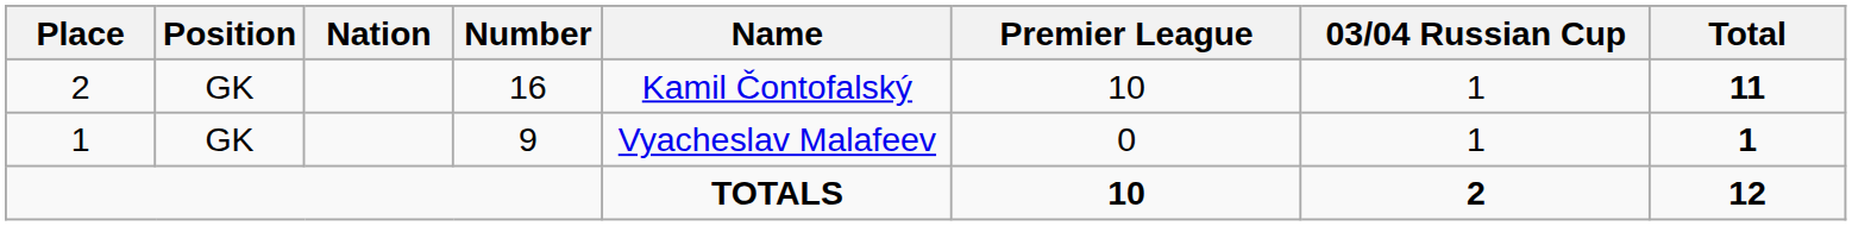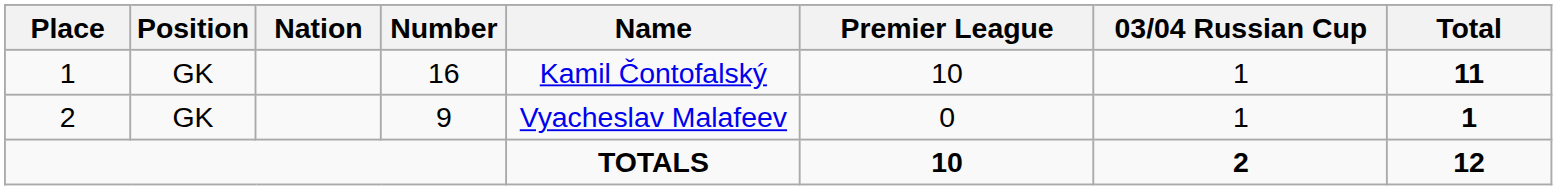 <table class="wikitable" style="font-size: 95%; text-align: center;">
 <tr>
 <th width=60>Place</th>
 <th width=60>Position</th>
 <th width=60>Nation</th>
 <th width=60>Number</th>
 <th width=150>Name</th>
 <th width=150>Premier League</th>
 <th width=150>03/04 Russian Cup</th>
 <th width=80><strong>Total</strong></th>
 </tr>
 <tr>
-<td>2</td>
+<td>1</td>
 <td>GK</td>
 <td></td>
 <td>16</td>
 <td><a href='#'>Kamil Čontofalský</a></td>
 <td>10</td>
 <td>1</td>
 <td><strong>11</strong></td>
 </tr>
 <tr>
-<td>1</td>
+<td>2</td>
 <td>GK</td>
 <td></td>
 <td>9</td>
 <td><a href='#'>Vyacheslav Malafeev</a></td>
 <td>0</td>
 <td>1</td>
 <td><strong>1</strong></td>
 </tr>
 <tr>
 <td colspan="4"></td>
 <td><strong>TOTALS</strong></td>
 <td><strong>10</strong></td>
 <td><strong>2</strong></td>
 <td><strong>12</strong></td>
 </tr>
 </table>
